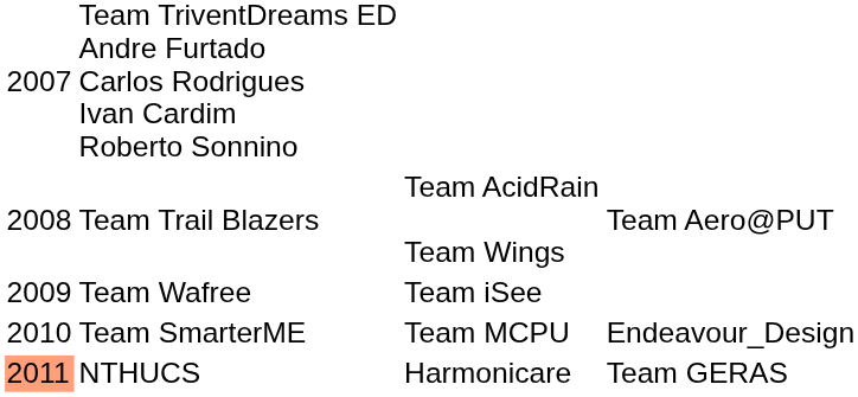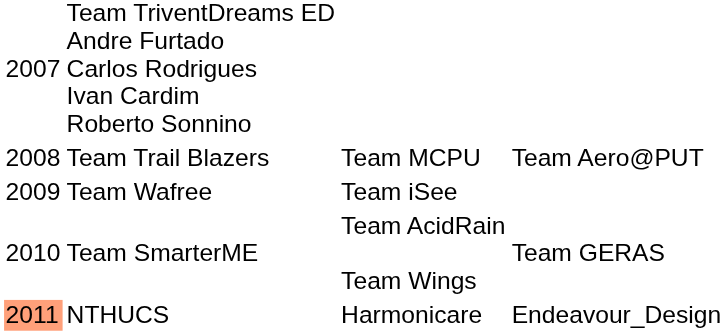 <table>
 <tr>
 <td>2007</td>
 <td> Team TriventDreams ED<br>Andre Furtado<br> Carlos Rodrigues<br> Ivan Cardim<br> Roberto Sonnino</td>
 </tr>
 <tr>
 <td>2008</td>
 <td> Team Trail Blazers</td>
-<td> Team AcidRain<br><br> Team Wings</td>
+<td> Team MCPU</td>
 <td> Team Aero@PUT</td>
 </tr>
 <tr>
 <td>2009</td>
 <td> Team Wafree</td>
 <td> Team iSee</td>
 </tr>
 <tr>
 <td>2010 </td>
 <td> Team SmarterME</td>
-<td> Team MCPU</td>
-<td> Endeavour_Design</td>
+<td> Team AcidRain<br><br> Team Wings</td>
+<td> Team GERAS</td>
 </tr>
 <tr>
 <td style="background: lightsalmon;">2011 </td>
 <td> NTHUCS</td>
 <td> Harmonicare</td>
-<td> Team GERAS</td>
+<td> Endeavour_Design</td>
 </tr>
 </table>
